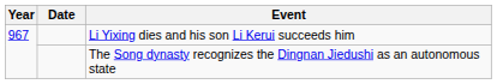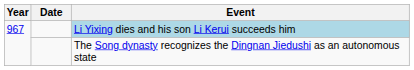 <table class="wikitable" width="100%">
 <tr>
 <th style="width:6%">Year</th>
 <th style="width:10%">Date</th>
 <th>Event</th>
 </tr>
 <tr>
 <td rowspan="2" valign="top"><a href='#'>967</a></td>
 <td></td>
-<td><a href='#'>Li Yixing</a> dies and his son <a href='#'>Li Kerui</a> succeeds him</td>
+<td style="background: lightblue;"><a href='#'>Li Yixing</a> dies and his son <a href='#'>Li Kerui</a> succeeds him</td>
 </tr>
 <tr>
 <td></td>
 <td>The <a href='#'>Song dynasty</a> recognizes the <a href='#'>Dingnan Jiedushi</a> as an autonomous state</td>
 </tr>
 </table>
